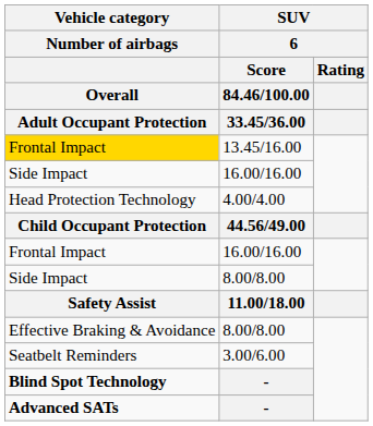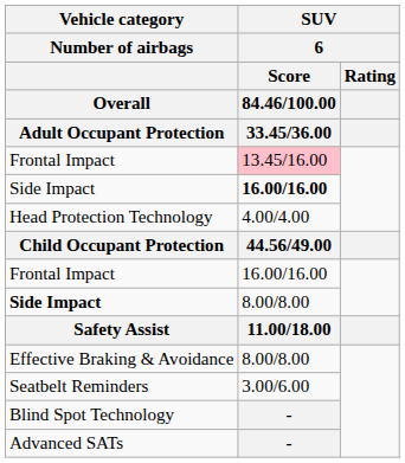 <table class="wikitable">
 <tr>
 <th>Vehicle category</th>
 <th colspan="2">SUV</th>
 </tr>
 <tr>
 <th>Number of airbags</th>
 <th colspan="2">6</th>
 </tr>
 <tr>
 <th></th>
 <th>Score</th>
 <th>Rating</th>
 </tr>
 <tr>
 <th>Overall</th>
 <th>84.46/100.00</th>
 <th></th>
 </tr>
 <tr>
 <th>Adult Occupant Protection</th>
 <th>33.45/36.00</th>
 <th></th>
 </tr>
 <tr>
-<td style="background: gold;">Frontal Impact</td>
-<td>13.45/16.00</td>
+<td>Frontal Impact</td>
+<td style="background: pink;">13.45/16.00</td>
 <td rowspan="3"></td>
 </tr>
 <tr>
 <td>Side Impact</td>
-<td>16.00/16.00</td>
+<td><strong>16.00/16.00</strong></td>
 </tr>
 <tr>
 <td>Head Protection Technology</td>
 <td>4.00/4.00</td>
 </tr>
 <tr>
 <th>Child Occupant Protection</th>
 <th>44.56/49.00</th>
 <th></th>
 </tr>
 <tr>
 <td>Frontal Impact</td>
 <td>16.00/16.00</td>
 <td rowspan="2"></td>
 </tr>
 <tr>
-<td>Side Impact</td>
+<td><strong>Side Impact</strong></td>
 <td>8.00/8.00</td>
 </tr>
 <tr>
 <th>Safety Assist</th>
 <th>11.00/18.00</th>
 <th></th>
 </tr>
 <tr>
 <td>Effective Braking & Avoidance</td>
 <td>8.00/8.00</td>
 <td rowspan="4"></td>
 </tr>
 <tr>
 <td>Seatbelt Reminders</td>
 <td>3.00/6.00</td>
 </tr>
 <tr>
-<td><strong>Blind Spot Technology</strong></td>
+<td>Blind Spot Technology</td>
 <th>-</th>
 </tr>
 <tr>
-<td><strong>Advanced SATs</strong></td>
+<td>Advanced SATs</td>
 <th>-</th>
 </tr>
 </table>
